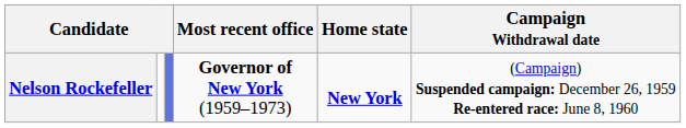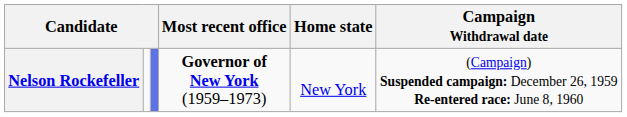 <table class="wikitable sortable" style="text-align:center;">
 <tr>
 <th colspan="3">Candidate</th>
 <th class="unsortable">Most recent office</th>
 <th>Home state</th>
 <th data-sort-type="date">Campaign<br><small>Withdrawal date</small></th>
 </tr>
 <tr>
 <th data-sort-value="Rockefeller" scope="row"><a href='#'>Nelson Rockefeller</a></th>
 <td></td>
 <td style="background:#5d73e5;"></td>
 <td><strong>Governor of<br><a href='#'>New York</a></strong><br>(1959–1973)</td>
-<td><strong><br><a href='#'>New York</a></strong></td>
+<td><br><a href='#'>New York</a></td>
 <td data-sort-value="03-04-2016"><small>(<a href='#'>Campaign</a>)</small><br><small><strong>Suspended campaign:</strong> December 26, 1959</small><br><small><strong>Re-entered race:</strong> June 8, 1960</small></td>
 </tr>
 </table>
